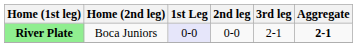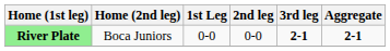 <table class="wikitable" style="text-align: center;">
 <tr>
 <th>Home (1st leg)</th>
 <th>Home (2nd leg)</th>
 <th>1st Leg</th>
 <th>2nd leg</th>
 <th>3rd leg</th>
 <th>Aggregate</th>
 </tr>
 <tr>
 <td bgcolor="lightgreen"><strong>River Plate</strong></td>
 <td>Boca Juniors</td>
-<td style="background: lavender;">0-0</td>
 <td>0-0</td>
-<td>2-1</td>
+<td>0-0</td>
+<td><strong>2-1</strong></td>
 <td><strong>2-1</strong></td>
 </tr>
 <tr>
 </tr>
 </table>
